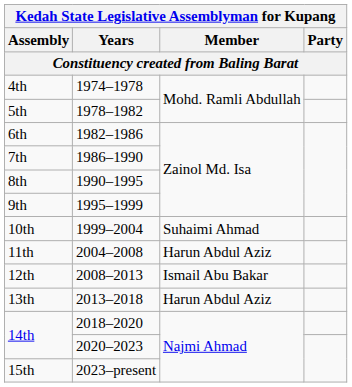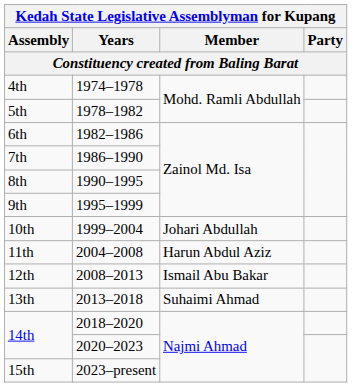 <table class="wikitable">
 <tr>
 <th colspan="4"><a href='#'>Kedah State Legislative Assemblyman</a> for Kupang</th>
 </tr>
 <tr>
 <th>Assembly</th>
 <th>Years</th>
 <th>Member</th>
 <th>Party</th>
 </tr>
 <tr>
 <th colspan="4" align="center"><em>Constituency created from Baling Barat</em></th>
 </tr>
 <tr>
 <td>4th</td>
 <td>1974–1978</td>
 <td rowspan="2">Mohd. Ramli Abdullah</td>
 <td></td>
 </tr>
 <tr>
 <td>5th</td>
 <td>1978–1982</td>
 <td></td>
 </tr>
 <tr>
 <td>6th</td>
 <td>1982–1986</td>
 <td rowspan="4">Zainol Md. Isa</td>
 <td rowspan="4"></td>
 </tr>
 <tr>
 <td>7th</td>
 <td>1986–1990</td>
 </tr>
 <tr>
 <td>8th</td>
 <td>1990–1995</td>
 </tr>
 <tr>
 <td>9th</td>
 <td>1995–1999</td>
 </tr>
 <tr>
 <td>10th</td>
 <td>1999–2004</td>
-<td>Suhaimi Ahmad</td>
+<td>Johari Abdullah</td>
 <td></td>
 </tr>
 <tr>
 <td>11th</td>
 <td>2004–2008</td>
 <td>Harun Abdul Aziz</td>
 <td></td>
 </tr>
 <tr>
 <td>12th</td>
 <td>2008–2013</td>
 <td>Ismail Abu Bakar</td>
 <td></td>
 </tr>
 <tr>
 <td>13th</td>
 <td>2013–2018</td>
-<td>Harun Abdul Aziz</td>
+<td>Suhaimi Ahmad</td>
 <td></td>
 </tr>
 <tr>
 <td rowspan="2"><a href='#'>14th</a></td>
 <td>2018–2020</td>
 <td rowspan="3"><a href='#'>Najmi Ahmad</a></td>
 <td></td>
 </tr>
 <tr>
 <td>2020–2023</td>
 <td rowspan="2"></td>
 </tr>
 <tr>
 <td>15th</td>
 <td>2023–present</td>
 </tr>
 </table>
